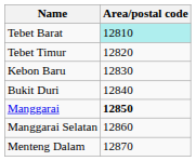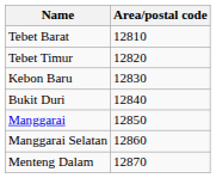 <table class=wikitable>
 <tr>
 <th>Name</th>
 <th>Area/postal code</th>
 </tr>
 <tr>
 <td>Tebet Barat</td>
-<td style="background: paleturquoise;">12810</td>
+<td>12810</td>
 </tr>
 <tr>
 <td>Tebet Timur</td>
 <td>12820</td>
 </tr>
 <tr>
 <td>Kebon Baru</td>
 <td>12830</td>
 </tr>
 <tr>
 <td>Bukit Duri</td>
 <td>12840</td>
 </tr>
 <tr>
 <td><a href='#'>Manggarai</a></td>
-<td><strong>12850</strong></td>
+<td>12850</td>
 </tr>
 <tr>
 <td>Manggarai Selatan</td>
 <td>12860</td>
 </tr>
 <tr>
 <td>Menteng Dalam</td>
 <td>12870</td>
 </tr>
 </table>
